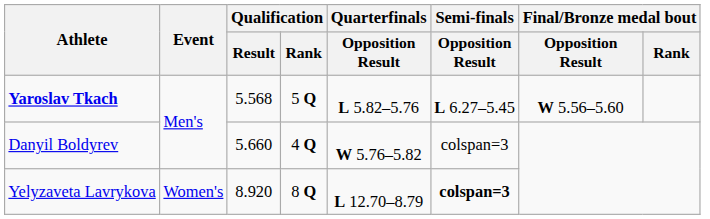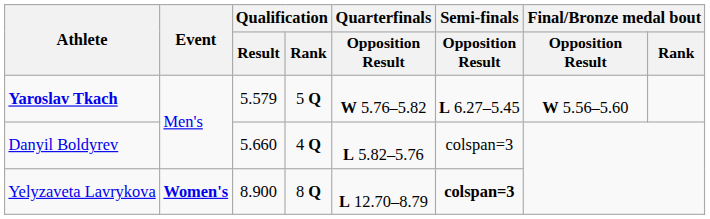 <table class="wikitable" style="text-align:center; font-size:90%">
 <tr>
 <th rowspan=2>Athlete</th>
 <th rowspan=2>Event</th>
 <th colspan=2>Qualification</th>
 <th>Quarterfinals</th>
 <th>Semi-finals</th>
 <th colspan=2>Final/Bronze medal bout</th>
 </tr>
 <tr style="font-size:95%">
 <th>Result</th>
 <th>Rank</th>
 <th>Opposition<br>Result</th>
 <th>Opposition<br>Result</th>
 <th>Opposition<br>Result</th>
 <th>Rank</th>
 </tr>
 <tr>
 <td align=left><strong><a href='#'>Yaroslav Tkach</a></strong></td>
 <td align=left rowspan=2><a href='#'>Men's</a></td>
-<td>5.568</td>
+<td>5.579</td>
 <td>5 <strong>Q</strong></td>
-<td><br> <strong>L</strong> 5.82–5.76</td>
+<td><br> <strong>W</strong> 5.76–5.82</td>
 <td><br> <strong>L</strong> 6.27–5.45</td>
 <td><br> <strong>W</strong> 5.56–5.60</td>
 <td></td>
 </tr>
 <tr>
 <td align=left><a href='#'>Danyil Boldyrev</a></td>
 <td>5.660</td>
 <td>4 <strong>Q</strong></td>
-<td><br> <strong>W</strong> 5.76–5.82</td>
+<td><br> <strong>L</strong> 5.82–5.76</td>
 <td>colspan=3 </td>
 </tr>
 <tr>
 <td align=left><a href='#'>Yelyzaveta Lavrykova</a></td>
-<td align=left><a href='#'>Women's</a></td>
-<td>8.920</td>
+<td align=left><strong><a href='#'>Women's</a></strong></td>
+<td>8.900</td>
 <td>8 <strong>Q</strong></td>
 <td><br> <strong>L</strong> 12.70–8.79</td>
 <td><strong>colspan=3 </strong></td>
 </tr>
 </table>
